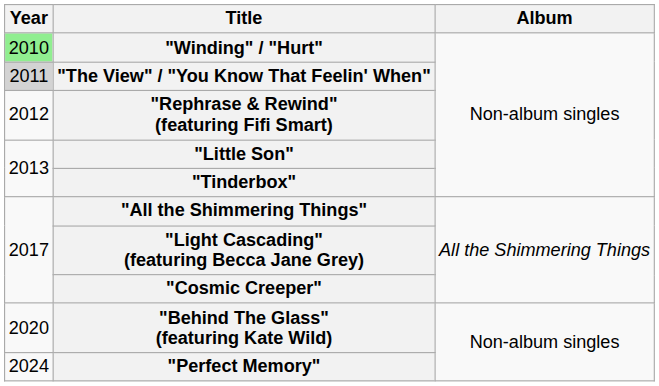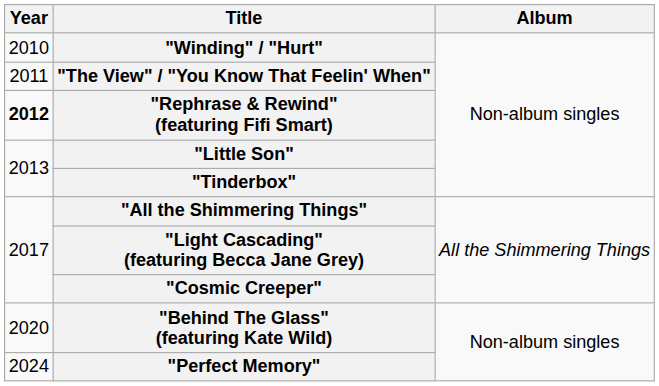 <table class="wikitable plainrowheaders" style="text-align:center;">
 <tr>
 <th scope="col">Year</th>
 <th scope="col">Title</th>
 <th scope="col">Album</th>
 </tr>
 <tr>
-<td style="background: lightgreen;">2010</td>
+<td>2010</td>
 <th scope="row">"Winding" / "Hurt"</th>
 <td rowspan="5">Non-album singles</td>
 </tr>
 <tr>
-<td style="background: lightgrey;">2011</td>
+<td>2011</td>
 <th scope="row">"The View" / "You Know That Feelin' When"</th>
 </tr>
 <tr>
-<td>2012</td>
+<td><strong>2012</strong></td>
 <th scope="row">"Rephrase & Rewind"<br><span>(featuring Fifi Smart)</span></th>
 </tr>
 <tr>
 <td rowspan="2">2013</td>
 <th scope="row">"Little Son"</th>
 </tr>
 <tr>
 <th scope="row">"Tinderbox"</th>
 </tr>
 <tr>
 <td rowspan="3">2017</td>
 <th scope="row">"All the Shimmering Things"</th>
 <td rowspan="3"><em>All the Shimmering Things</em></td>
 </tr>
 <tr>
 <th scope="row">"Light Cascading"<br><span>(featuring Becca Jane Grey)</span></th>
 </tr>
 <tr>
 <th scope="row">"Cosmic Creeper"</th>
 </tr>
 <tr>
 <td>2020</td>
 <th scope="row">"Behind The Glass"<br><span>(featuring Kate Wild)</span></th>
 <td rowspan="2">Non-album singles</td>
 </tr>
 <tr>
 <td>2024</td>
 <th scope="row">"Perfect Memory"</th>
 </tr>
 </table>
